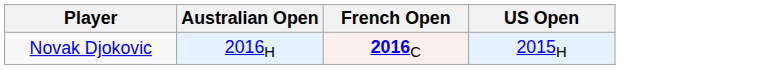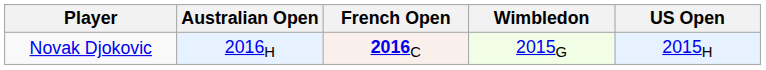 <table class="wikitable nowrap col1left" style="text-align:center">
 <tr>
 <th width=148;>Player</th>
 <th width=124;>Australian Open</th>
 <th width=124;>French Open</th>
+<th width=124;>Wimbledon</th>
 <th width=124;>US Open</th>
 </tr>
 <tr>
 <td> <a href='#'>Novak Djokovic</a></td>
 <td style="background: #e6f2ff;"><a href='#'>2016</a><sub>H</sub></td>
 <td style="background: #f9f0eb;"><strong><a href='#'>2016</a></strong><sub>C</sub></td>
+<td style="background: #f2ffe6;"><a href='#'>2015</a><sub>G</sub></td>
 <td style="background: #e6f2ff;"><a href='#'>2015</a><sub>H</sub></td>
 </tr>
 </table>
